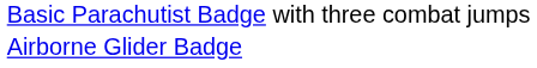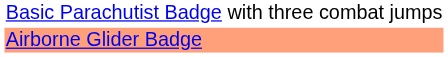 <table>
 <tr>
 <td> <a href='#'>Basic Parachutist Badge</a> with three combat jumps</td>
 </tr>
 <tr>
-<td> <a href='#'>Airborne Glider Badge</a></td>
+<td style="background: lightsalmon;"> <a href='#'>Airborne Glider Badge</a></td>
 </tr>
 </table>
